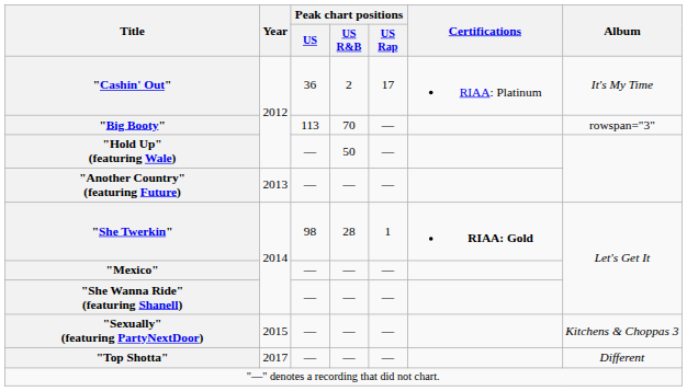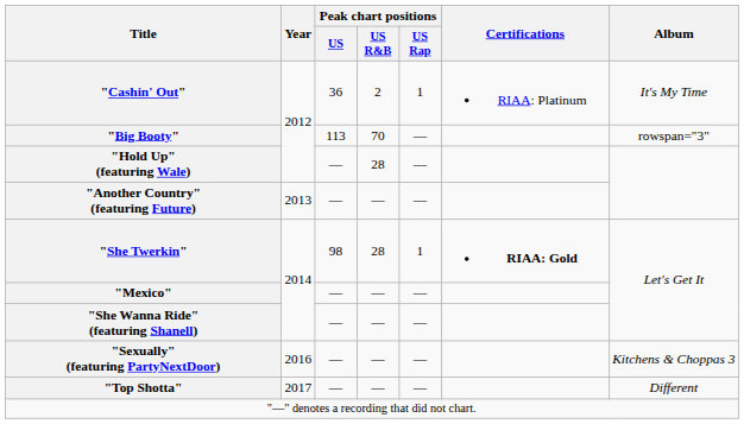 <table class="wikitable plainrowheaders" style="text-align:center;">
 <tr>
 <th rowspan="2" style="width:20em;">Title</th>
 <th rowspan="2">Year</th>
 <th colspan="3">Peak chart positions</th>
 <th rowspan="2" style="width:12em;"><a href='#'>Certifications</a></th>
 <th rowspan="2">Album</th>
 </tr>
 <tr>
 <th scope="col" style="width:3em;font-size:90%;"><a href='#'>US</a><br></th>
 <th scope="col" style="width:3em;font-size:90%;"><a href='#'>US R&B</a><br></th>
 <th scope="col" style="width:3em;font-size:90%;"><a href='#'>US Rap</a><br></th>
 </tr>
 <tr>
 <th scope="row">"<a href='#'>Cashin' Out</a>"</th>
 <td rowspan="3">2012</td>
 <td>36</td>
 <td>2</td>
-<td>17</td>
+<td>1</td>
 <td><br><ul><li><a href='#'>RIAA</a>: Platinum</li></ul></td>
 <td><em>It's My Time</em></td>
 </tr>
 <tr>
 <th scope="row">"<a href='#'>Big Booty</a>"</th>
 <td>113</td>
 <td>70</td>
 <td>—</td>
 <td></td>
 <td>rowspan="3" </td>
 </tr>
 <tr>
 <th scope="row">"Hold Up"<br><span>(featuring <a href='#'>Wale</a>)</span></th>
 <td>—</td>
-<td>50</td>
+<td>28</td>
 <td>—</td>
 <td></td>
 </tr>
 <tr>
 <th scope="row">"Another Country"<br><span>(featuring <a href='#'>Future</a>)</span></th>
 <td>2013</td>
 <td>—</td>
 <td>—</td>
 <td>—</td>
 <td></td>
 </tr>
 <tr>
 <th scope="row">"<a href='#'>She Twerkin</a>"</th>
 <td rowspan="3">2014</td>
 <td>98</td>
 <td>28</td>
 <td>1</td>
 <td><strong><br><ul><li>RIAA: Gold</li></ul></strong></td>
 <td rowspan="3"><em>Let's Get It</em></td>
 </tr>
 <tr>
 <th scope="row">"Mexico"</th>
 <td>—</td>
 <td>—</td>
 <td>—</td>
 <td></td>
 </tr>
 <tr>
 <th scope="row">"She Wanna Ride"<br><span>(featuring <a href='#'>Shanell</a>)</span></th>
 <td>—</td>
 <td>—</td>
 <td>—</td>
 <td></td>
 </tr>
 <tr>
 <th scope="row">"Sexually"<br><span>(featuring <a href='#'>PartyNextDoor</a>)</span></th>
-<td>2015</td>
+<td>2016</td>
 <td>—</td>
 <td>—</td>
 <td>—</td>
 <td></td>
 <td><em>Kitchens & Choppas 3</em></td>
 </tr>
 <tr>
 <th scope="row">"Top Shotta"</th>
 <td>2017</td>
 <td>—</td>
 <td>—</td>
 <td>—</td>
 <td></td>
 <td><em>Different</em></td>
 </tr>
 <tr>
 <td colspan="14" style="font-size:90%">"—" denotes a recording that did not chart.</td>
 </tr>
 </table>
